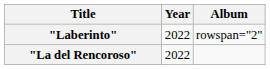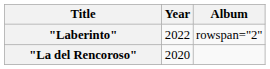 <table class="wikitable plainrowheaders" style="text-align:center">
 <tr>
 <th scope="col" style="width:12em">Title</th>
 <th scope="col" style="width:1em">Year</th>
 <th scope="col">Album</th>
 </tr>
 <tr>
 <th scope="row">"Laberinto"<br></th>
 <td>2022</td>
 <td>rowspan="2" </td>
 </tr>
 <tr>
 <th scope="row">"La del Rencoroso"<br></th>
-<td>2022</td>
+<td>2020</td>
 </tr>
 </table>
